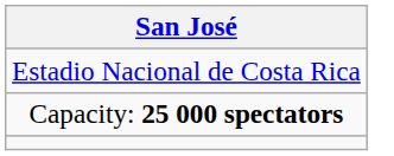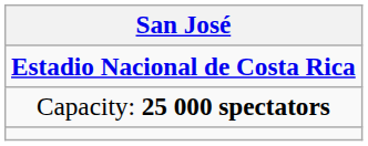 <table class="wikitable" style="text-align:center;margin;auto;!">
 <tr>
 <th><a href='#'>San José</a></th>
 </tr>
 <tr>
-<td><a href='#'>Estadio Nacional de Costa Rica</a></td>
+<td><strong><a href='#'>Estadio Nacional de Costa Rica</a></strong></td>
 </tr>
 <tr>
 <td>Capacity: <strong>25 000 spectators</strong></td>
 </tr>
 <tr>
 <td></td>
 </tr>
 </table>
